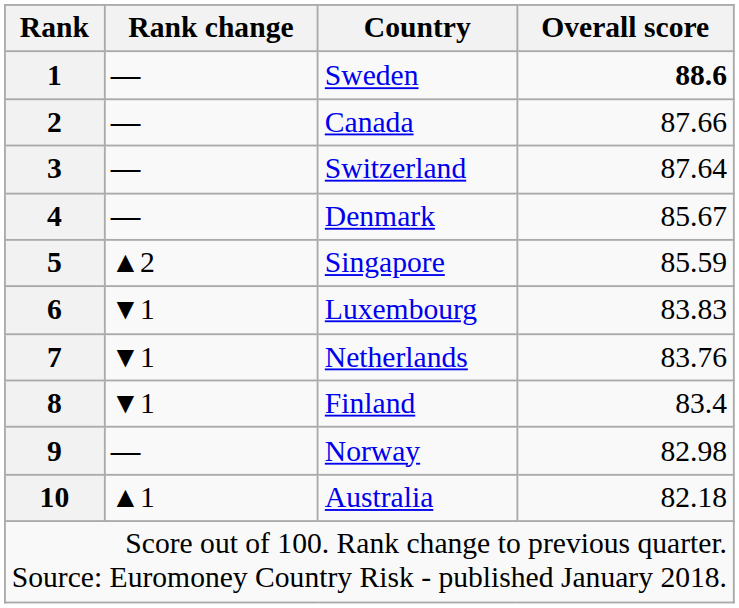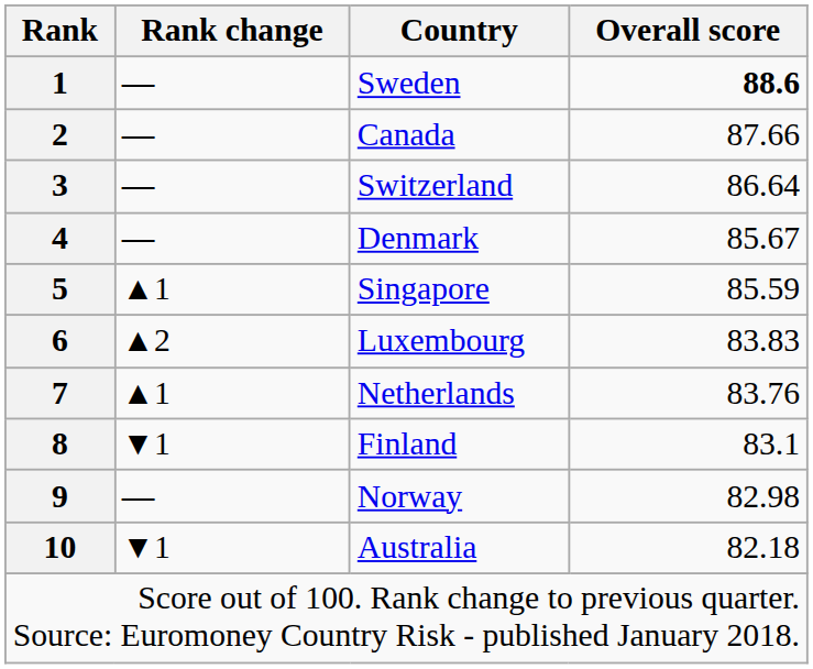 <table class="wikitable">
 <tr>
 <th>Rank</th>
 <th>Rank change</th>
 <th>Country</th>
 <th>Overall score</th>
 </tr>
 <tr>
 <th>1</th>
 <td><span><strong>—</strong></span></td>
 <td><a href='#'>Sweden</a></td>
 <td style="text-align:right;"><strong>88.6</strong></td>
 </tr>
 <tr>
 <th>2</th>
 <td><span><strong>—</strong></span></td>
 <td><a href='#'>Canada</a></td>
 <td style="text-align:right;">87.66</td>
 </tr>
 <tr>
 <th>3</th>
 <td><span><strong>—</strong></span></td>
 <td><a href='#'>Switzerland</a></td>
-<td style="text-align:right;">87.64</td>
+<td style="text-align:right;">86.64</td>
 </tr>
 <tr>
 <th>4</th>
 <td><span><strong>—</strong></span></td>
 <td><a href='#'>Denmark</a></td>
 <td style="text-align:right;">85.67</td>
 </tr>
 <tr>
 <th>5</th>
-<td><span>▲2</span></td>
+<td><span>▲1</span></td>
 <td><a href='#'>Singapore</a></td>
 <td style="text-align:right;">85.59</td>
 </tr>
 <tr>
 <th>6</th>
-<td><span>▼1</span></td>
+<td><span>▲2</span></td>
 <td><a href='#'>Luxembourg</a></td>
 <td style="text-align:right;">83.83</td>
 </tr>
 <tr>
 <th>7</th>
-<td><span>▼1</span></td>
+<td><span>▲1</span></td>
 <td><a href='#'>Netherlands</a></td>
 <td style="text-align:right;">83.76</td>
 </tr>
 <tr>
 <th>8</th>
 <td><span>▼1</span></td>
 <td><a href='#'>Finland</a></td>
-<td style="text-align:right;">83.4</td>
+<td style="text-align:right;">83.1</td>
 </tr>
 <tr>
 <th>9</th>
 <td><span><strong>—</strong></span></td>
 <td><a href='#'>Norway</a></td>
 <td style="text-align:right;">82.98</td>
 </tr>
 <tr>
 <th>10</th>
-<td><span>▲1</span></td>
+<td><span>▼1</span></td>
 <td><a href='#'>Australia</a></td>
 <td style="text-align:right;">82.18</td>
 </tr>
 <tr>
 <td colspan="4" align="right">Score out of 100. Rank change to previous quarter.<br>Source: Euromoney Country Risk - published January 2018.  </td>
 </tr>
 </table>
